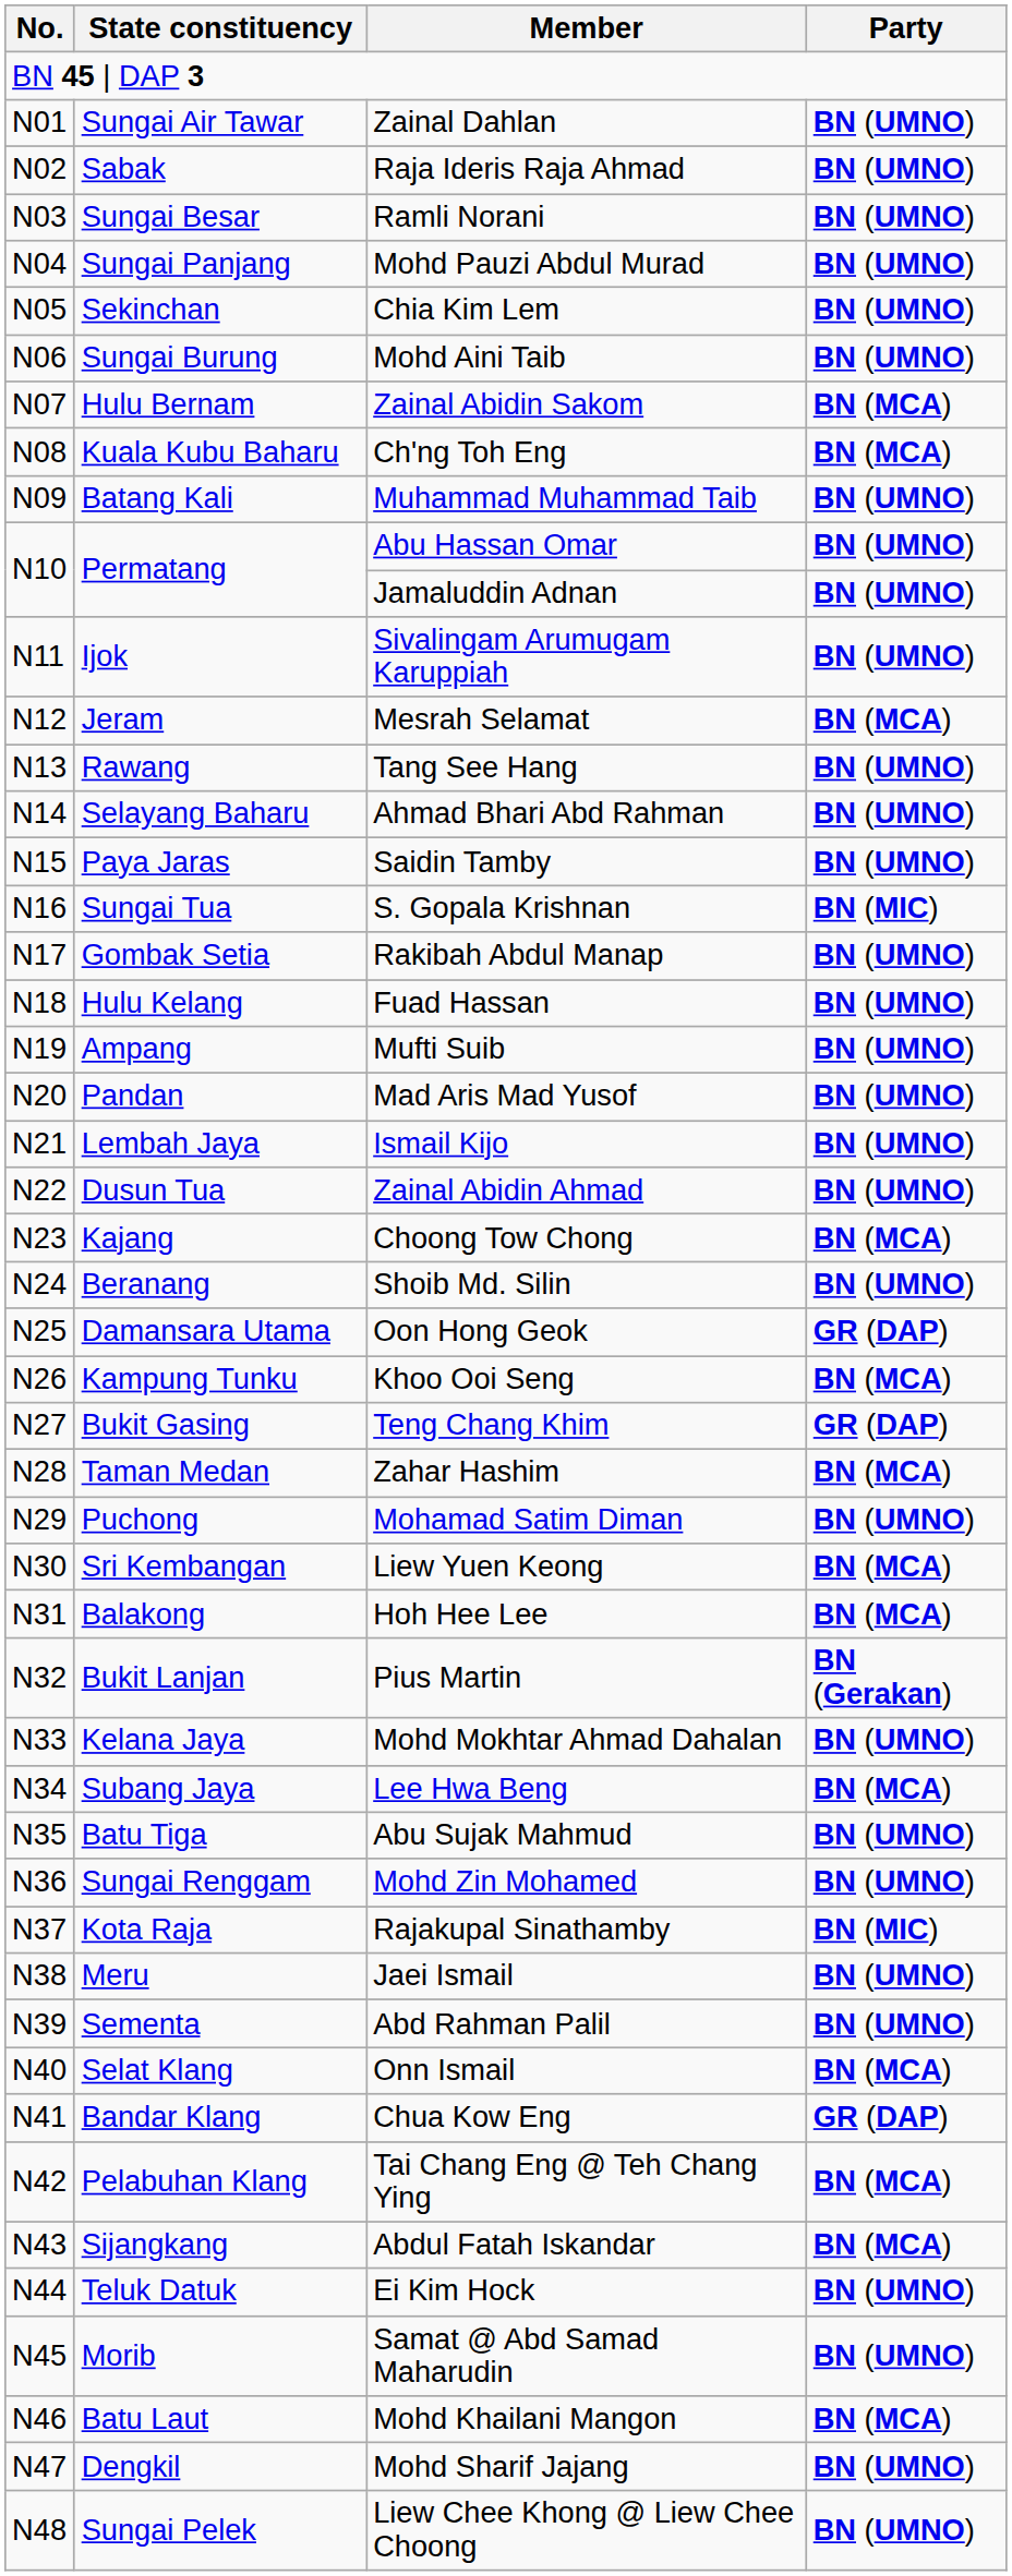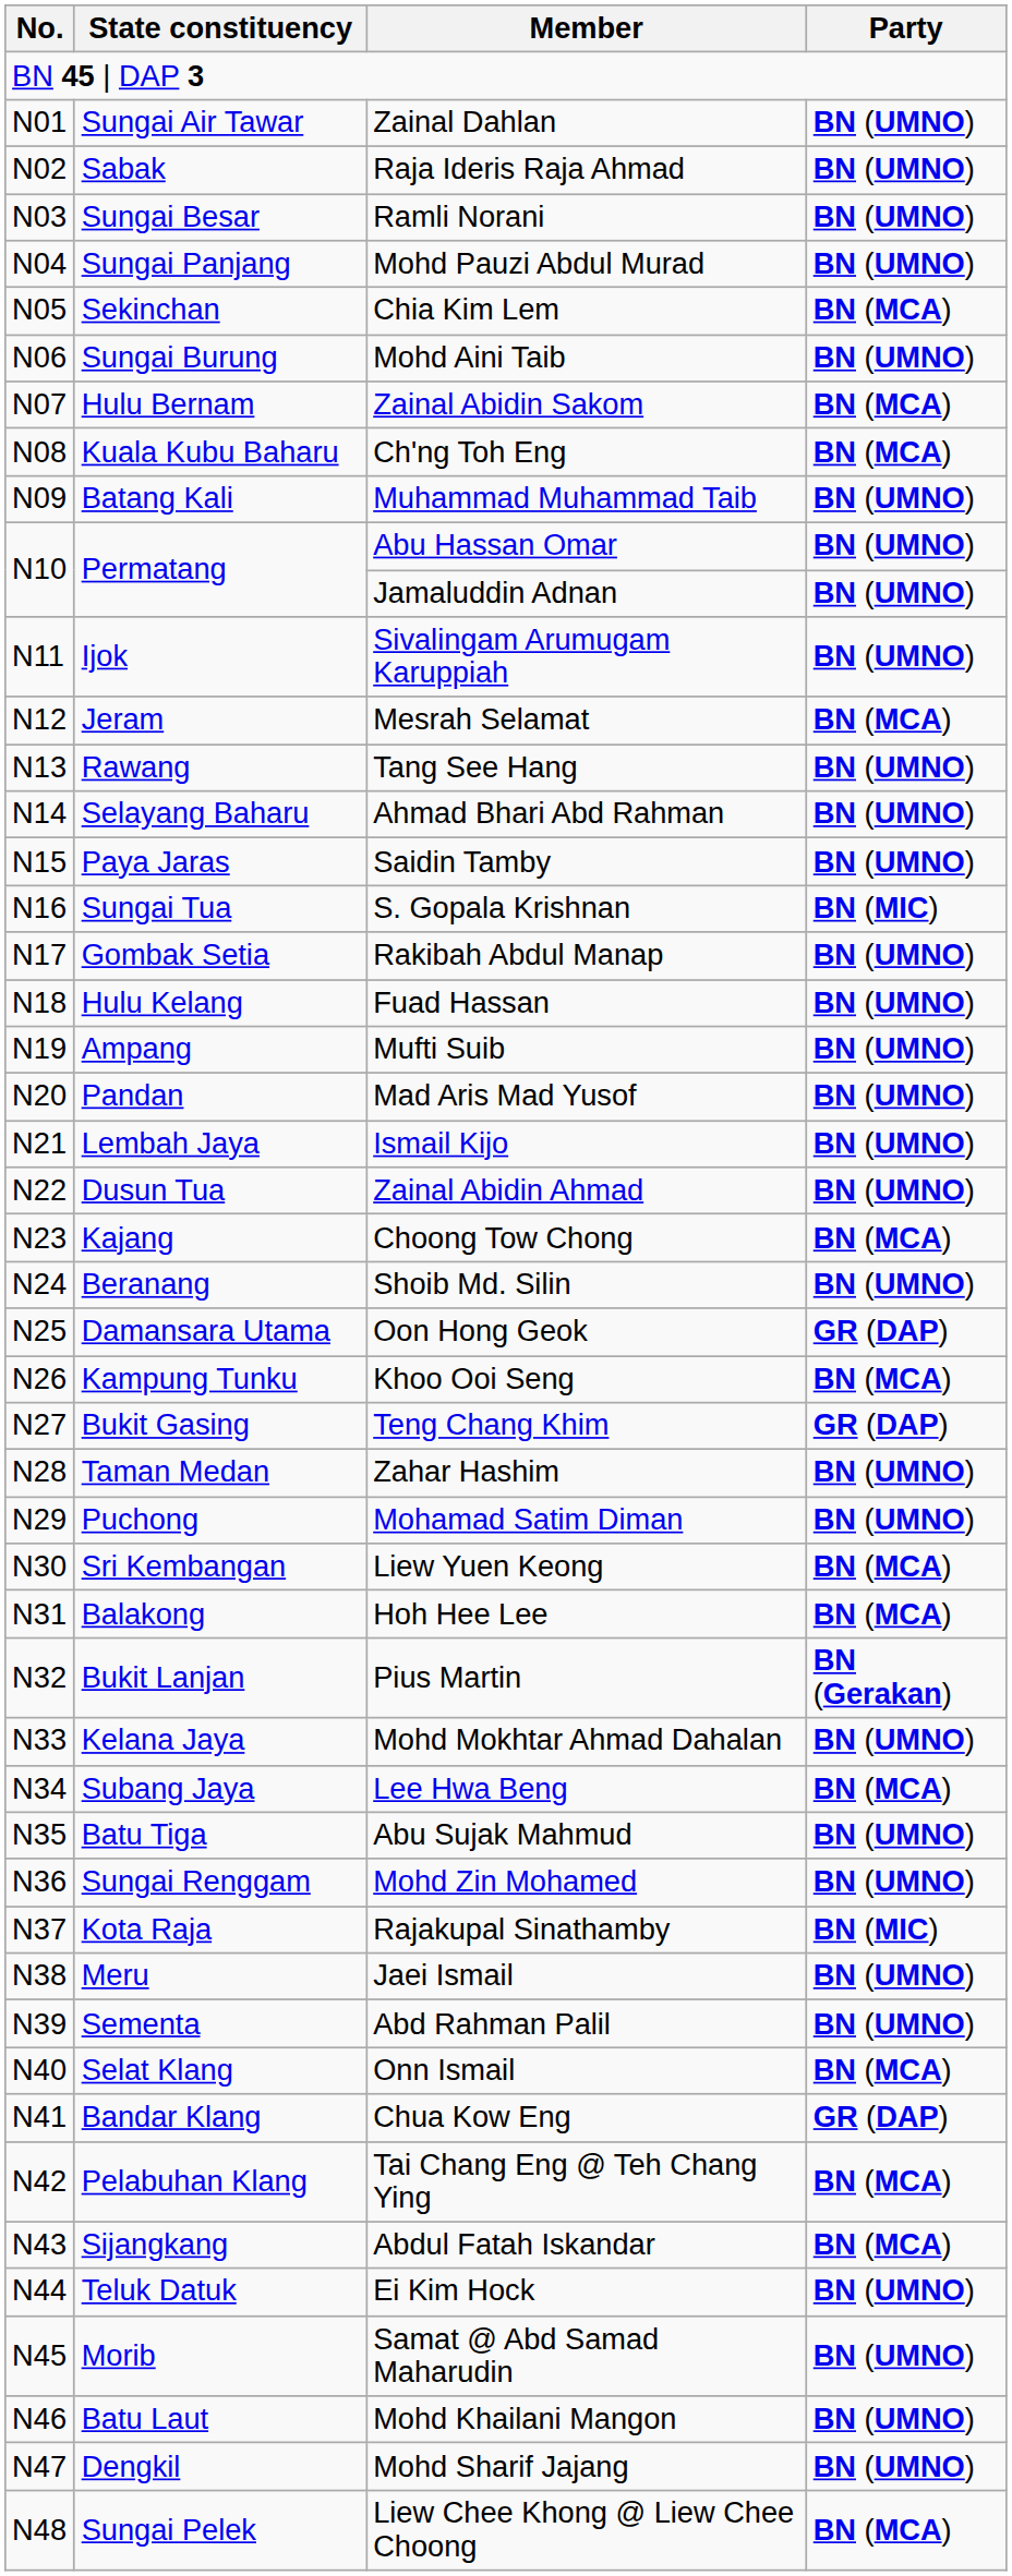 <table class="wikitable sortable">
 <tr>
 <th style="width:30px;">No.</th>
 <th style="width:150px;">State constituency</th>
 <th style="width:230px;">Member</th>
 <th style="width:100px;">Party</th>
 </tr>
 <tr>
 <td colspan="4"><a href='#'>BN</a> <strong>45</strong> | <a href='#'>DAP</a> <strong>3</strong></td>
 </tr>
 <tr>
 <td>N01</td>
 <td><a href='#'>Sungai Air Tawar</a></td>
 <td>Zainal Dahlan</td>
 <td><strong><a href='#'>BN</a></strong> (<strong><a href='#'>UMNO</a></strong>)</td>
 </tr>
 <tr>
 <td>N02</td>
 <td><a href='#'>Sabak</a></td>
 <td>Raja Ideris Raja Ahmad</td>
 <td><strong><a href='#'>BN</a></strong> (<strong><a href='#'>UMNO</a></strong>)</td>
 </tr>
 <tr>
 <td>N03</td>
 <td><a href='#'>Sungai Besar</a></td>
 <td>Ramli Norani</td>
 <td><strong><a href='#'>BN</a></strong> (<strong><a href='#'>UMNO</a></strong>)</td>
 </tr>
 <tr>
 <td>N04</td>
 <td><a href='#'>Sungai Panjang</a></td>
 <td>Mohd Pauzi Abdul Murad</td>
 <td><strong><a href='#'>BN</a></strong> (<strong><a href='#'>UMNO</a></strong>)</td>
 </tr>
 <tr>
 <td>N05</td>
 <td><a href='#'>Sekinchan</a></td>
 <td>Chia Kim Lem</td>
-<td><strong><a href='#'>BN</a></strong> (<strong><a href='#'>UMNO</a></strong>)</td>
+<td><strong><a href='#'>BN</a></strong> (<strong><a href='#'>MCA</a></strong>)</td>
 </tr>
 <tr>
 <td>N06</td>
 <td><a href='#'>Sungai Burung</a></td>
 <td>Mohd Aini Taib</td>
 <td><strong><a href='#'>BN</a></strong> (<strong><a href='#'>UMNO</a></strong>)</td>
 </tr>
 <tr>
 <td>N07</td>
 <td><a href='#'>Hulu Bernam</a></td>
 <td><a href='#'>Zainal Abidin Sakom</a></td>
 <td><strong><a href='#'>BN</a></strong> (<strong><a href='#'>MCA</a></strong>)</td>
 </tr>
 <tr>
 <td>N08</td>
 <td><a href='#'>Kuala Kubu Baharu</a></td>
 <td>Ch'ng Toh Eng</td>
 <td><strong><a href='#'>BN</a></strong> (<strong><a href='#'>MCA</a></strong>)</td>
 </tr>
 <tr>
 <td>N09</td>
 <td><a href='#'>Batang Kali</a></td>
 <td><a href='#'>Muhammad Muhammad Taib</a></td>
 <td><strong><a href='#'>BN</a></strong> (<strong><a href='#'>UMNO</a></strong>)</td>
 </tr>
 <tr>
 <td rowspan=2>N10</td>
 <td rowspan=2><a href='#'>Permatang</a></td>
 <td><a href='#'>Abu Hassan Omar</a> </td>
 <td><strong><a href='#'>BN</a></strong> (<strong><a href='#'>UMNO</a></strong>)</td>
 </tr>
 <tr>
 <td>Jamaluddin Adnan </td>
 <td><strong><a href='#'>BN</a></strong> (<strong><a href='#'>UMNO</a></strong>)</td>
 </tr>
 <tr>
 <td>N11</td>
 <td><a href='#'>Ijok</a></td>
 <td><a href='#'>Sivalingam Arumugam Karuppiah</a></td>
 <td><strong><a href='#'>BN</a></strong> (<strong><a href='#'>UMNO</a></strong>)</td>
 </tr>
 <tr>
 <td>N12</td>
 <td><a href='#'>Jeram</a></td>
 <td>Mesrah Selamat</td>
 <td><strong><a href='#'>BN</a></strong> (<strong><a href='#'>MCA</a></strong>)</td>
 </tr>
 <tr>
 <td>N13</td>
 <td><a href='#'>Rawang</a></td>
 <td>Tang See Hang</td>
 <td><strong><a href='#'>BN</a></strong> (<strong><a href='#'>UMNO</a></strong>)</td>
 </tr>
 <tr>
 <td>N14</td>
 <td><a href='#'>Selayang Baharu</a></td>
 <td>Ahmad Bhari Abd Rahman</td>
 <td><strong><a href='#'>BN</a></strong> (<strong><a href='#'>UMNO</a></strong>)</td>
 </tr>
 <tr>
 <td>N15</td>
 <td><a href='#'>Paya Jaras</a></td>
 <td>Saidin Tamby</td>
 <td><strong><a href='#'>BN</a></strong> (<strong><a href='#'>UMNO</a></strong>)</td>
 </tr>
 <tr>
 <td>N16</td>
 <td><a href='#'>Sungai Tua</a></td>
 <td>S. Gopala Krishnan</td>
 <td><strong><a href='#'>BN</a></strong> (<strong><a href='#'>MIC</a></strong>)</td>
 </tr>
 <tr>
 <td>N17</td>
 <td><a href='#'>Gombak Setia</a></td>
 <td>Rakibah Abdul Manap</td>
 <td><strong><a href='#'>BN</a></strong> (<strong><a href='#'>UMNO</a></strong>)</td>
 </tr>
 <tr>
 <td>N18</td>
 <td><a href='#'>Hulu Kelang</a></td>
 <td>Fuad Hassan</td>
 <td><strong><a href='#'>BN</a></strong> (<strong><a href='#'>UMNO</a></strong>)</td>
 </tr>
 <tr>
 <td>N19</td>
 <td><a href='#'>Ampang</a></td>
 <td>Mufti Suib</td>
 <td><strong><a href='#'>BN</a></strong> (<strong><a href='#'>UMNO</a></strong>)</td>
 </tr>
 <tr>
 <td>N20</td>
 <td><a href='#'>Pandan</a></td>
 <td>Mad Aris Mad Yusof</td>
 <td><strong><a href='#'>BN</a></strong> (<strong><a href='#'>UMNO</a></strong>)</td>
 </tr>
 <tr>
 <td>N21</td>
 <td><a href='#'>Lembah Jaya</a></td>
 <td><a href='#'>Ismail Kijo</a></td>
 <td><strong><a href='#'>BN</a></strong> (<strong><a href='#'>UMNO</a></strong>)</td>
 </tr>
 <tr>
 <td>N22</td>
 <td><a href='#'>Dusun Tua</a></td>
 <td><a href='#'>Zainal Abidin Ahmad</a></td>
 <td><strong><a href='#'>BN</a></strong> (<strong><a href='#'>UMNO</a></strong>)</td>
 </tr>
 <tr>
 <td>N23</td>
 <td><a href='#'>Kajang</a></td>
 <td>Choong Tow Chong</td>
 <td><strong><a href='#'>BN</a></strong> (<strong><a href='#'>MCA</a></strong>)</td>
 </tr>
 <tr>
 <td>N24</td>
 <td><a href='#'>Beranang</a></td>
 <td>Shoib Md. Silin</td>
 <td><strong><a href='#'>BN</a></strong> (<strong><a href='#'>UMNO</a></strong>)</td>
 </tr>
 <tr>
 <td>N25</td>
 <td><a href='#'>Damansara Utama</a></td>
 <td>Oon Hong Geok</td>
 <td><strong><a href='#'>GR</a></strong> (<strong><a href='#'>DAP</a></strong>)</td>
 </tr>
 <tr>
 <td>N26</td>
 <td><a href='#'>Kampung Tunku</a></td>
 <td>Khoo Ooi Seng</td>
 <td><strong><a href='#'>BN</a></strong> (<strong><a href='#'>MCA</a></strong>)</td>
 </tr>
 <tr>
 <td>N27</td>
 <td><a href='#'>Bukit Gasing</a></td>
 <td><a href='#'>Teng Chang Khim</a></td>
 <td><strong><a href='#'>GR</a></strong> (<strong><a href='#'>DAP</a></strong>)</td>
 </tr>
 <tr>
 <td>N28</td>
 <td><a href='#'>Taman Medan</a></td>
 <td>Zahar Hashim</td>
-<td><strong><a href='#'>BN</a></strong> (<strong><a href='#'>MCA</a></strong>)</td>
+<td><strong><a href='#'>BN</a></strong> (<strong><a href='#'>UMNO</a></strong>)</td>
 </tr>
 <tr>
 <td>N29</td>
 <td><a href='#'>Puchong</a></td>
 <td><a href='#'>Mohamad Satim Diman</a></td>
 <td><strong><a href='#'>BN</a></strong> (<strong><a href='#'>UMNO</a></strong>)</td>
 </tr>
 <tr>
 <td>N30</td>
 <td><a href='#'>Sri Kembangan</a></td>
 <td>Liew Yuen Keong</td>
 <td><strong><a href='#'>BN</a></strong> (<strong><a href='#'>MCA</a></strong>)</td>
 </tr>
 <tr>
 <td>N31</td>
 <td><a href='#'>Balakong</a></td>
 <td>Hoh Hee Lee</td>
 <td><strong><a href='#'>BN</a></strong> (<strong><a href='#'>MCA</a></strong>)</td>
 </tr>
 <tr>
 <td>N32</td>
 <td><a href='#'>Bukit Lanjan</a></td>
 <td>Pius Martin</td>
 <td><strong><a href='#'>BN</a></strong> (<strong><a href='#'>Gerakan</a></strong>)</td>
 </tr>
 <tr>
 <td>N33</td>
 <td><a href='#'>Kelana Jaya</a></td>
 <td>Mohd Mokhtar Ahmad Dahalan</td>
 <td><strong><a href='#'>BN</a></strong> (<strong><a href='#'>UMNO</a></strong>)</td>
 </tr>
 <tr>
 <td>N34</td>
 <td><a href='#'>Subang Jaya</a></td>
 <td><a href='#'>Lee Hwa Beng</a></td>
 <td><strong><a href='#'>BN</a></strong> (<strong><a href='#'>MCA</a></strong>)</td>
 </tr>
 <tr>
 <td>N35</td>
 <td><a href='#'>Batu Tiga</a></td>
 <td>Abu Sujak Mahmud</td>
 <td><strong><a href='#'>BN</a></strong> (<strong><a href='#'>UMNO</a></strong>)</td>
 </tr>
 <tr>
 <td>N36</td>
 <td><a href='#'>Sungai Renggam</a></td>
 <td><a href='#'>Mohd Zin Mohamed</a></td>
 <td><strong><a href='#'>BN</a></strong> (<strong><a href='#'>UMNO</a></strong>)</td>
 </tr>
 <tr>
 <td>N37</td>
 <td><a href='#'>Kota Raja</a></td>
 <td>Rajakupal Sinathamby</td>
 <td><strong><a href='#'>BN</a></strong> (<strong><a href='#'>MIC</a></strong>)</td>
 </tr>
 <tr>
 <td>N38</td>
 <td><a href='#'>Meru</a></td>
 <td>Jaei Ismail</td>
 <td><strong><a href='#'>BN</a></strong> (<strong><a href='#'>UMNO</a></strong>)</td>
 </tr>
 <tr>
 <td>N39</td>
 <td><a href='#'>Sementa</a></td>
 <td>Abd Rahman Palil</td>
 <td><strong><a href='#'>BN</a></strong> (<strong><a href='#'>UMNO</a></strong>)</td>
 </tr>
 <tr>
 <td>N40</td>
 <td><a href='#'>Selat Klang</a></td>
 <td>Onn Ismail</td>
 <td><strong><a href='#'>BN</a></strong> (<strong><a href='#'>MCA</a></strong>)</td>
 </tr>
 <tr>
 <td>N41</td>
 <td><a href='#'>Bandar Klang</a></td>
 <td>Chua Kow Eng</td>
 <td><strong><a href='#'>GR</a></strong> (<strong><a href='#'>DAP</a></strong>)</td>
 </tr>
 <tr>
 <td>N42</td>
 <td><a href='#'>Pelabuhan Klang</a></td>
 <td>Tai Chang Eng @ Teh Chang Ying</td>
 <td><strong><a href='#'>BN</a></strong> (<strong><a href='#'>MCA</a></strong>)</td>
 </tr>
 <tr>
 <td>N43</td>
 <td><a href='#'>Sijangkang</a></td>
 <td>Abdul Fatah Iskandar</td>
 <td><strong><a href='#'>BN</a></strong> (<strong><a href='#'>MCA</a></strong>)</td>
 </tr>
 <tr>
 <td>N44</td>
 <td><a href='#'>Teluk Datuk</a></td>
 <td>Ei Kim Hock</td>
 <td><strong><a href='#'>BN</a></strong> (<strong><a href='#'>UMNO</a></strong>)</td>
 </tr>
 <tr>
 <td>N45</td>
 <td><a href='#'>Morib</a></td>
 <td>Samat @ Abd Samad Maharudin</td>
 <td><strong><a href='#'>BN</a></strong> (<strong><a href='#'>UMNO</a></strong>)</td>
 </tr>
 <tr>
 <td>N46</td>
 <td><a href='#'>Batu Laut</a></td>
 <td>Mohd Khailani Mangon</td>
-<td><strong><a href='#'>BN</a></strong> (<strong><a href='#'>MCA</a></strong>)</td>
+<td><strong><a href='#'>BN</a></strong> (<strong><a href='#'>UMNO</a></strong>)</td>
 </tr>
 <tr>
 <td>N47</td>
 <td><a href='#'>Dengkil</a></td>
 <td>Mohd Sharif Jajang</td>
 <td><strong><a href='#'>BN</a></strong> (<strong><a href='#'>UMNO</a></strong>)</td>
 </tr>
 <tr>
 <td>N48</td>
 <td><a href='#'>Sungai Pelek</a></td>
 <td>Liew Chee Khong @ Liew Chee Choong</td>
-<td><strong><a href='#'>BN</a></strong> (<strong><a href='#'>UMNO</a></strong>)</td>
+<td><strong><a href='#'>BN</a></strong> (<strong><a href='#'>MCA</a></strong>)</td>
 </tr>
 </table>
